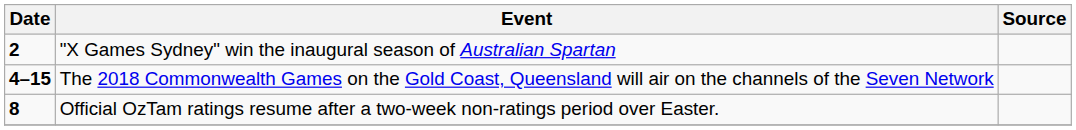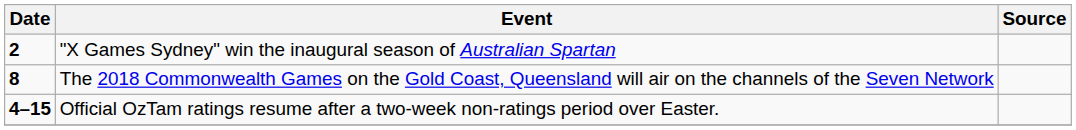 <table class="wikitable">
 <tr>
 <th>Date</th>
 <th>Event</th>
 <th>Source</th>
 </tr>
 <tr>
 <td><strong>2</strong></td>
 <td>"X Games Sydney" win the inaugural season of <em><a href='#'>Australian Spartan</a></em></td>
 <td></td>
 </tr>
 <tr>
-<td><strong>4–15</strong></td>
+<td rowspan="1"><strong>8</strong></td>
 <td>The <a href='#'>2018 Commonwealth Games</a> on the <a href='#'>Gold Coast, Queensland</a> will air on the channels of the <a href='#'>Seven Network</a></td>
 <td></td>
 </tr>
 <tr>
-<td rowspan="1"><strong>8</strong></td>
+<td><strong>4–15</strong></td>
 <td>Official OzTam ratings resume after a two-week non-ratings period over Easter.</td>
 <td></td>
 </tr>
 <tr>
 </tr>
 </table>
